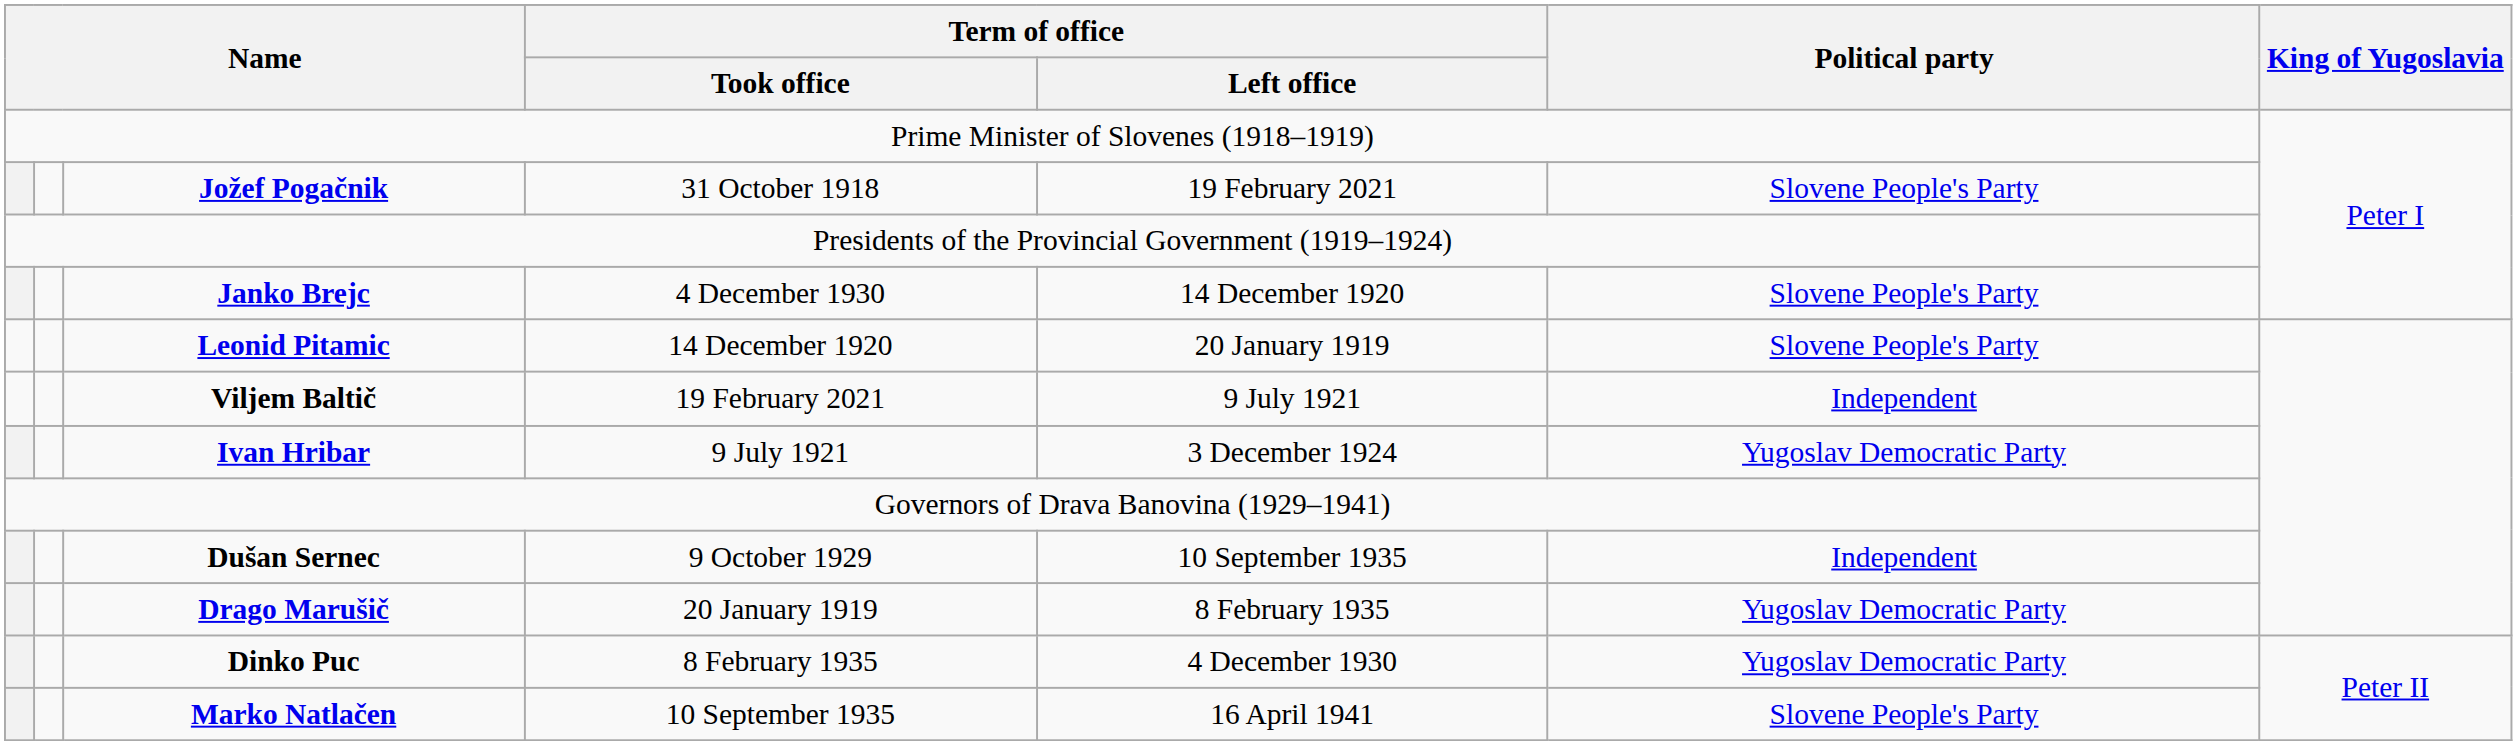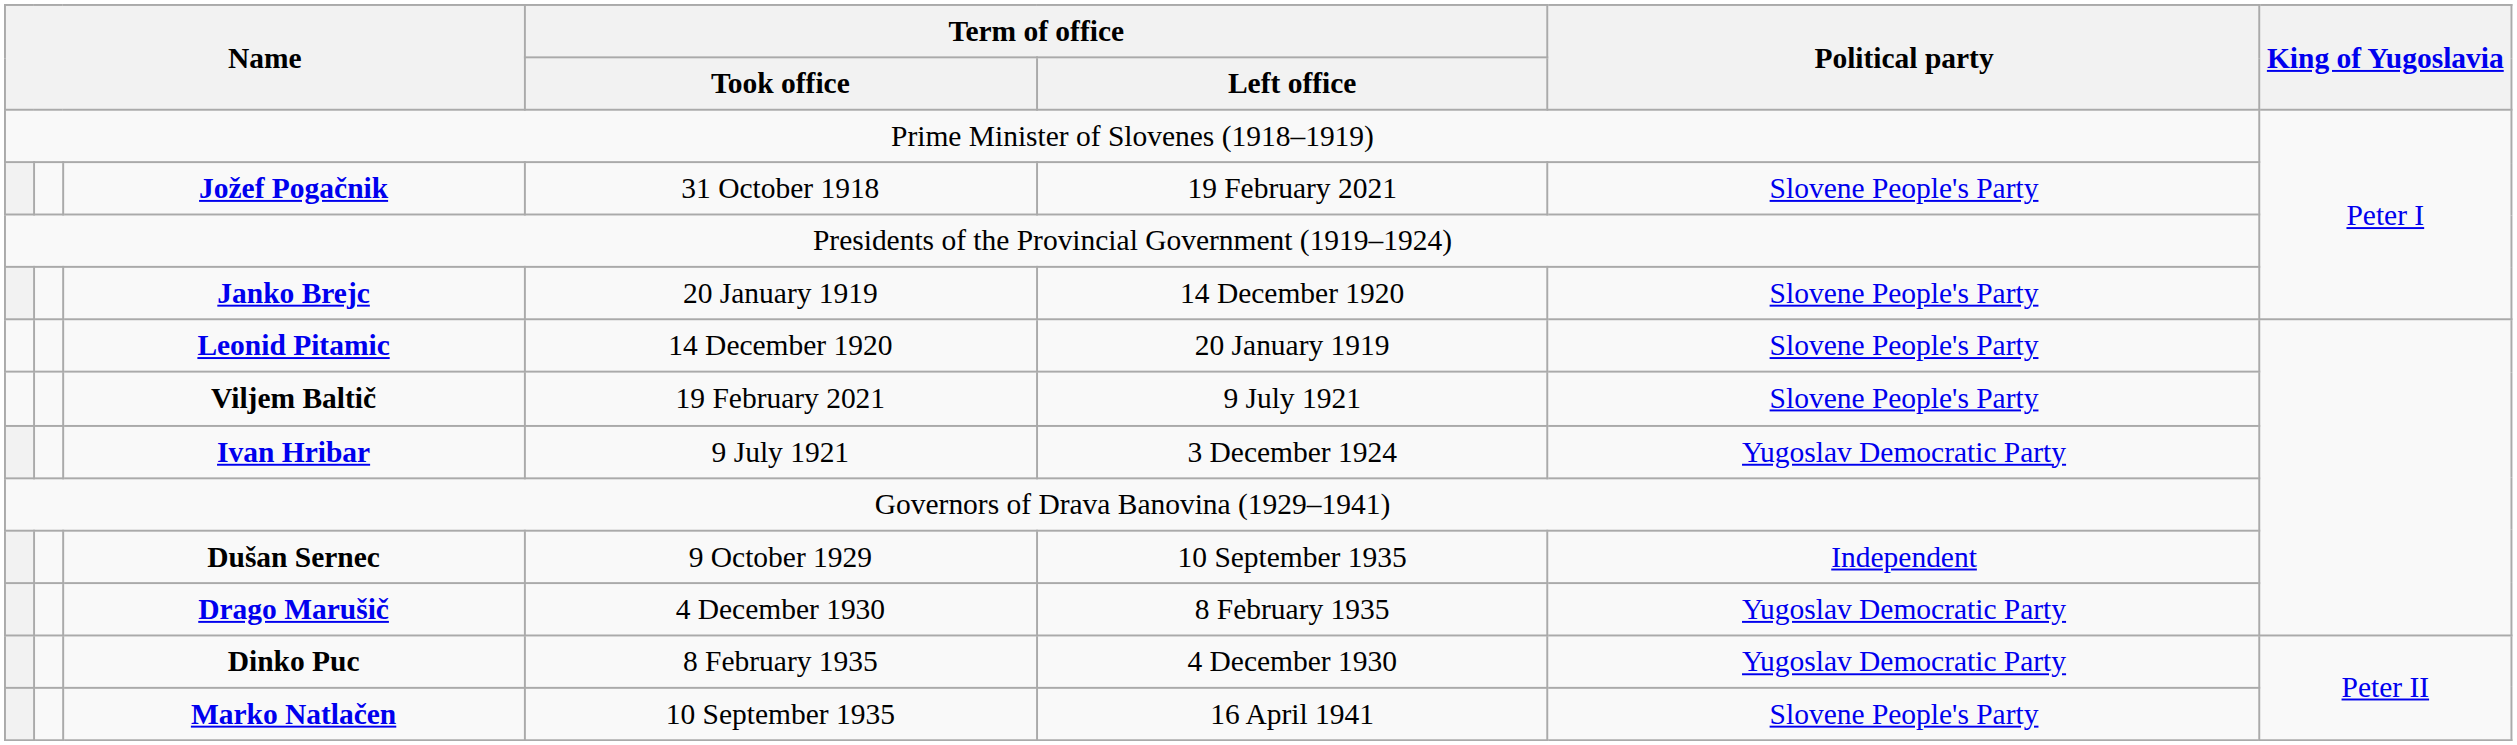 <table class="wikitable collapsible collapsed tpl-blanktable" style="text-align:center; font-size:95%; line-height:20px">
 <tr>
 <th colspan="3" rowspan="2">Name<br></th>
 <th colspan="2">Term of office</th>
 <th rowspan="2">Political party</th>
 <th colspan="2" rowspan="2" width="10%"><a href='#'>King of Yugoslavia</a> <br></th>
 </tr>
 <tr>
 <th>Took office</th>
 <th>Left office</th>
 </tr>
 <tr>
 <td colspan="6">Prime Minister of Slovenes (1918–1919)</td>
 <td rowspan="4"><a href='#'>Peter I</a>  </td>
 </tr>
 <tr>
 <th style="background-color:"></th>
 <td></td>
 <td><strong><a href='#'>Jožef Pogačnik</a></strong><br></td>
 <td>31 October 1918</td>
 <td>19 February 2021</td>
 <td><a href='#'>Slovene People's Party</a></td>
 </tr>
 <tr>
 <td colspan="6">Presidents of the Provincial Government (1919–1924)</td>
 </tr>
 <tr>
 <th style="background-color:"></th>
 <td></td>
 <td><strong><a href='#'>Janko Brejc</a></strong><br></td>
-<td>4 December 1930</td>
+<td>20 January 1919</td>
 <td>14 December 1920</td>
 <td><a href='#'>Slovene People's Party</a></td>
 </tr>
 <tr>
 <td style="background-color:"></td>
 <td></td>
 <td><strong><a href='#'>Leonid Pitamic</a></strong><br></td>
 <td>14 December 1920</td>
 <td>20 January 1919</td>
 <td><a href='#'>Slovene People's Party</a></td>
 <td rowspan="6">  </td>
 </tr>
 <tr>
 <td style="background-color:"></td>
 <td></td>
 <td><strong>Viljem Baltič</strong><br></td>
 <td>19 February 2021</td>
 <td>9 July 1921</td>
-<td><a href='#'>Independent</a></td>
+<td><a href='#'>Slovene People's Party</a></td>
 </tr>
 <tr>
 <th style="background-color: "></th>
 <td></td>
 <td><strong><a href='#'>Ivan Hribar</a></strong><br></td>
 <td>9 July 1921</td>
 <td>3 December 1924</td>
 <td><a href='#'>Yugoslav Democratic Party</a></td>
 </tr>
 <tr>
 <td colspan="6">Governors of Drava Banovina (1929–1941)</td>
 </tr>
 <tr>
 <th style="background-color:"></th>
 <td></td>
 <td><strong>Dušan Sernec</strong><br></td>
 <td>9 October 1929</td>
 <td>10 September 1935</td>
 <td><a href='#'>Independent</a></td>
 </tr>
 <tr>
 <th style="background-color:"></th>
 <td></td>
 <td><strong><a href='#'>Drago Marušič</a></strong><br></td>
-<td>20 January 1919</td>
+<td>4 December 1930</td>
 <td>8 February 1935</td>
 <td><a href='#'>Yugoslav Democratic Party</a></td>
 </tr>
 <tr>
 <th style="background-color: "></th>
 <td></td>
 <td><strong>Dinko Puc</strong><br></td>
 <td>8 February 1935</td>
 <td>4 December 1930</td>
 <td><a href='#'>Yugoslav Democratic Party</a></td>
 <td rowspan="2"><a href='#'>Peter II</a>  </td>
 </tr>
 <tr>
 <th style="background-color:"></th>
 <td></td>
 <td><strong><a href='#'>Marko Natlačen</a></strong><br></td>
 <td>10 September 1935</td>
 <td>16 April 1941</td>
 <td><a href='#'>Slovene People's Party</a></td>
 </tr>
 </table>
